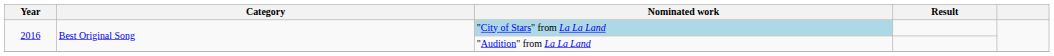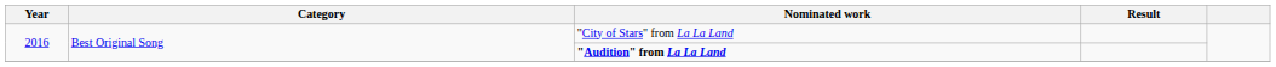 <table class="wikitable" style="width:85%;">
 <tr>
 <th width=5%>Year</th>
 <th style="width:40%;">Category</th>
 <th style="width:40%;">Nominated work</th>
 <th style="width:10%;">Result</th>
 <th width=5%></th>
 </tr>
 <tr>
 <td style="text-align:center;" rowspan="2"><a href='#'>2016</a></td>
 <td rowspan="2"><a href='#'>Best Original Song</a></td>
-<td style="background: lightblue;">"<a href='#'>City of Stars</a>" from <em><a href='#'>La La Land</a></em></td>
+<td>"<a href='#'>City of Stars</a>" from <em><a href='#'>La La Land</a></em></td>
 <td></td>
 <td rowspan="2" align="center"></td>
 </tr>
 <tr>
-<td>"<a href='#'>Audition</a>" from <em><a href='#'>La La Land</a></em></td>
+<td><strong>"<a href='#'>Audition</a>" from <em><a href='#'>La La Land</a></em></strong></td>
 <td></td>
 </tr>
 <tr>
 </tr>
 </table>
